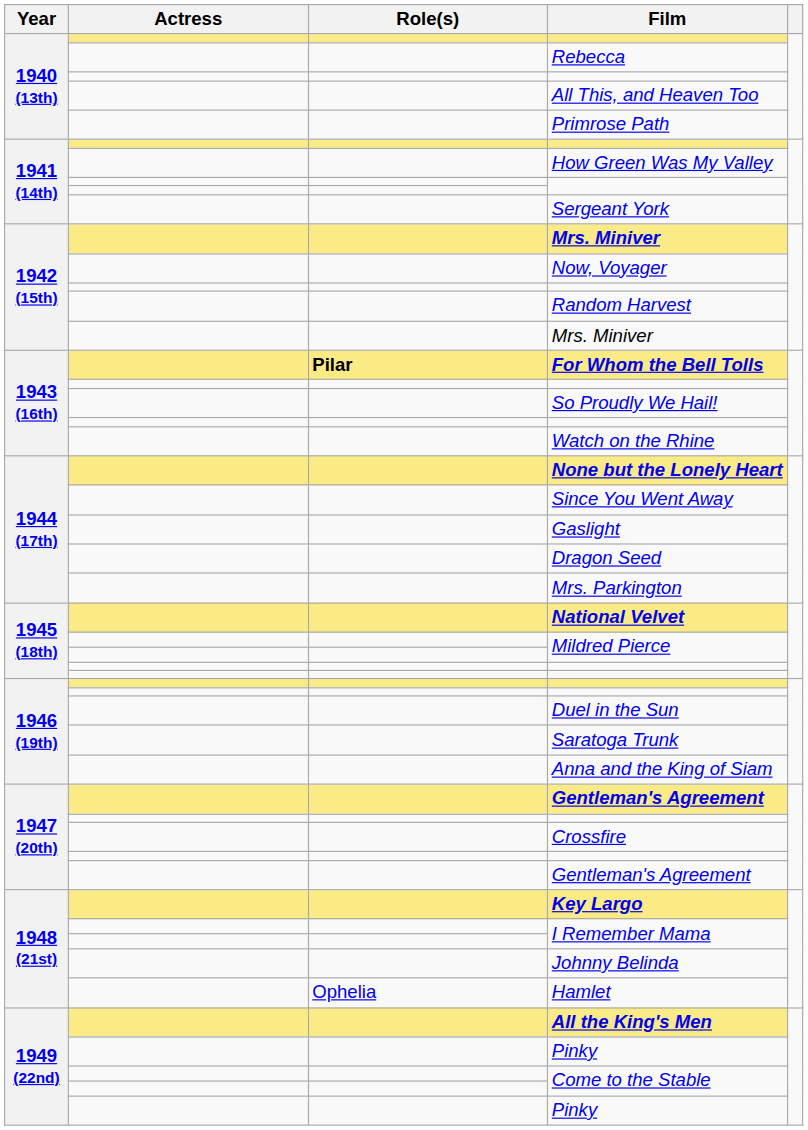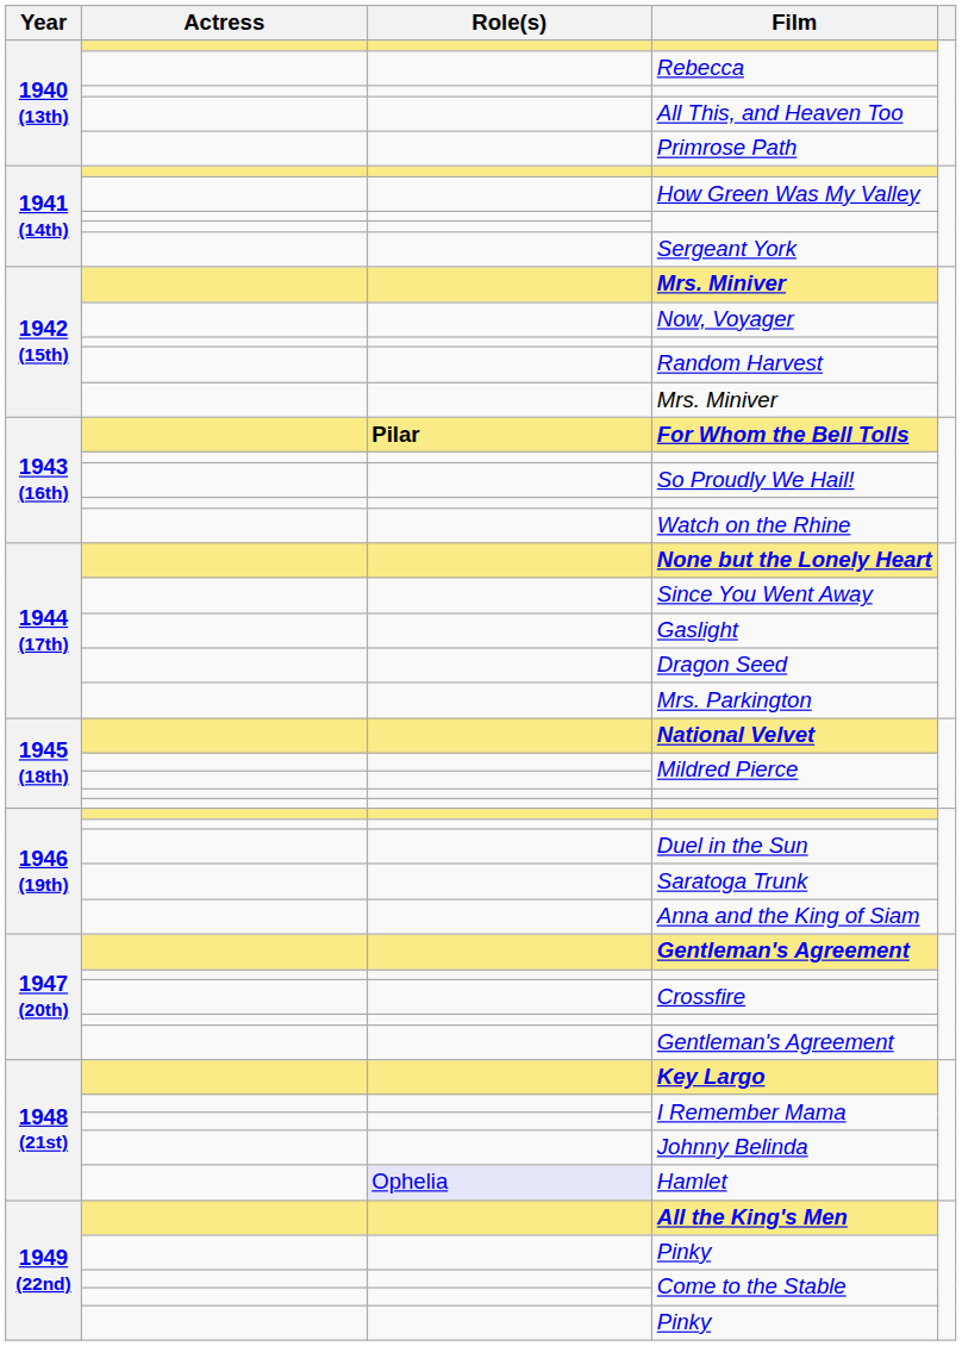 <table class="wikitable sortable" style="text-align:left;">
 <tr>
 <th scope="col" style="width:8%;">Year</th>
 <th scope="col" style="width:30%;">Actress</th>
 <th scope="col" style="width:30%;">Role(s)</th>
 <th scope="col" style="width:30%;">Film</th>
 <th scope="col" style="width:2%;" class="unsortable"></th>
 </tr>
 <tr>
 <th scope="row" rowspan=5 style="text-align:center"><a href='#'>1940</a> <br><small><a href='#'>(13th)</a> </small></th>
 <td style="background:#FAEB86;"><strong> </strong></td>
 <td style="background:#FAEB86;"><strong></strong></td>
 <td style="background:#FAEB86;"><strong></strong></td>
 <td rowspan=5></td>
 </tr>
 <tr>
 <td></td>
 <td></td>
 <td><em><a href='#'>Rebecca</a></em></td>
 </tr>
 <tr>
 <td></td>
 <td></td>
 <td></td>
 </tr>
 <tr>
 <td></td>
 <td></td>
 <td><em><a href='#'>All This, and Heaven Too</a></em></td>
 </tr>
 <tr>
 <td></td>
 <td></td>
 <td><em><a href='#'>Primrose Path</a></em></td>
 </tr>
 <tr>
 <th scope="row" rowspan=5 style="text-align:center"><a href='#'>1941</a> <br><small><a href='#'>(14th)</a> </small></th>
 <td style="background:#FAEB86;"><strong> </strong></td>
 <td style="background:#FAEB86;"><strong></strong></td>
 <td style="background:#FAEB86;"><strong></strong></td>
 <td rowspan=5></td>
 </tr>
 <tr>
 <td></td>
 <td></td>
 <td><em><a href='#'>How Green Was My Valley</a></em></td>
 </tr>
 <tr>
 <td></td>
 <td></td>
 <td rowspan="2"><em></em></td>
 </tr>
 <tr>
 <td></td>
 <td></td>
 </tr>
 <tr>
 <td></td>
 <td></td>
 <td><em><a href='#'>Sergeant York</a></em></td>
 </tr>
 <tr>
 <th scope="row" rowspan=5 style="text-align:center"><a href='#'>1942</a> <br><small><a href='#'>(15th)</a> </small></th>
 <td style="background:#FAEB86;"><strong> </strong></td>
 <td style="background:#FAEB86;"><strong></strong></td>
 <td style="background:#FAEB86;"><strong><em><a href='#'>Mrs. Miniver</a></em></strong></td>
 <td rowspan=5></td>
 </tr>
 <tr>
 <td></td>
 <td></td>
 <td><em><a href='#'>Now, Voyager</a></em></td>
 </tr>
 <tr>
 <td></td>
 <td></td>
 <td></td>
 </tr>
 <tr>
 <td></td>
 <td></td>
 <td><em><a href='#'>Random Harvest</a></em></td>
 </tr>
 <tr>
 <td></td>
 <td></td>
 <td><em>Mrs. Miniver</em></td>
 </tr>
 <tr>
 <th scope="row" rowspan=5 style="text-align:center"><a href='#'>1943</a> <br><small><a href='#'>(16th)</a> </small></th>
 <td style="background:#FAEB86;"><strong> </strong></td>
 <td style="background:#FAEB86;"><strong>Pilar</strong></td>
 <td style="background:#FAEB86;"><strong><em><a href='#'>For Whom the Bell Tolls</a></em></strong></td>
 <td rowspan=5></td>
 </tr>
 <tr>
 <td></td>
 <td></td>
 <td></td>
 </tr>
 <tr>
 <td></td>
 <td></td>
 <td><em><a href='#'>So Proudly We Hail!</a></em></td>
 </tr>
 <tr>
 <td></td>
 <td></td>
 <td></td>
 </tr>
 <tr>
 <td></td>
 <td></td>
 <td><em><a href='#'>Watch on the Rhine</a></em></td>
 </tr>
 <tr>
 <th scope="row" rowspan=5 style="text-align:center"><a href='#'>1944</a> <br><small><a href='#'>(17th)</a> </small></th>
 <td style="background:#FAEB86;"><strong> </strong></td>
 <td style="background:#FAEB86;"><strong></strong></td>
 <td style="background:#FAEB86;"><strong><em><a href='#'>None but the Lonely Heart</a></em></strong></td>
 <td rowspan=5></td>
 </tr>
 <tr>
 <td></td>
 <td></td>
 <td><em><a href='#'>Since You Went Away</a></em></td>
 </tr>
 <tr>
 <td></td>
 <td></td>
 <td><em><a href='#'>Gaslight</a></em></td>
 </tr>
 <tr>
 <td></td>
 <td></td>
 <td><em><a href='#'>Dragon Seed</a></em></td>
 </tr>
 <tr>
 <td></td>
 <td></td>
 <td><em><a href='#'>Mrs. Parkington</a></em></td>
 </tr>
 <tr>
 <th scope="row" rowspan=5 style="text-align:center"><a href='#'>1945</a> <br><small><a href='#'>(18th)</a> </small></th>
 <td style="background:#FAEB86;"><strong> </strong></td>
 <td style="background:#FAEB86;"><strong></strong></td>
 <td style="background:#FAEB86;"><strong><em><a href='#'>National Velvet</a></em></strong></td>
 <td rowspan=5></td>
 </tr>
 <tr>
 <td></td>
 <td></td>
 <td rowspan=2><em><a href='#'>Mildred Pierce</a></em></td>
 </tr>
 <tr>
 <td></td>
 <td></td>
 </tr>
 <tr>
 <td></td>
 <td></td>
 <td></td>
 </tr>
 <tr>
 <td></td>
 <td></td>
 <td></td>
 </tr>
 <tr>
 <th scope="row" rowspan=5 style="text-align:center"><a href='#'>1946</a> <br><small><a href='#'>(19th)</a> </small></th>
 <td style="background:#FAEB86;"><strong> </strong></td>
 <td style="background:#FAEB86;"><strong></strong></td>
 <td style="background:#FAEB86;"><strong><em></em></strong></td>
 <td rowspan=5></td>
 </tr>
 <tr>
 <td></td>
 <td></td>
 <td></td>
 </tr>
 <tr>
 <td></td>
 <td></td>
 <td><em><a href='#'>Duel in the Sun</a></em></td>
 </tr>
 <tr>
 <td></td>
 <td></td>
 <td><em><a href='#'>Saratoga Trunk</a></em></td>
 </tr>
 <tr>
 <td></td>
 <td></td>
 <td><em><a href='#'>Anna and the King of Siam</a></em></td>
 </tr>
 <tr>
 <th scope="row" rowspan=5 style="text-align:center"><a href='#'>1947</a> <br><small><a href='#'>(20th)</a> </small></th>
 <td style="background:#FAEB86;"><strong> </strong></td>
 <td style="background:#FAEB86;"><strong></strong></td>
 <td style="background:#FAEB86;"><strong><em><a href='#'>Gentleman's Agreement</a></em></strong></td>
 <td rowspan=5></td>
 </tr>
 <tr>
 <td></td>
 <td></td>
 <td></td>
 </tr>
 <tr>
 <td></td>
 <td></td>
 <td><em><a href='#'>Crossfire</a></em></td>
 </tr>
 <tr>
 <td></td>
 <td></td>
 <td></td>
 </tr>
 <tr>
 <td></td>
 <td></td>
 <td><em><a href='#'>Gentleman's Agreement</a></em></td>
 </tr>
 <tr>
 <th scope="row" rowspan=5 style="text-align:center"><a href='#'>1948</a> <br><small><a href='#'>(21st)</a> </small></th>
 <td style="background:#FAEB86;"><strong> </strong></td>
 <td style="background:#FAEB86;"><strong></strong></td>
 <td style="background:#FAEB86;"><strong><em><a href='#'>Key Largo</a></em></strong></td>
 <td rowspan=5></td>
 </tr>
 <tr>
 <td></td>
 <td></td>
 <td rowspan=2><em><a href='#'>I Remember Mama</a></em></td>
 </tr>
 <tr>
 <td></td>
 <td></td>
 </tr>
 <tr>
 <td></td>
 <td></td>
 <td><em><a href='#'>Johnny Belinda</a></em></td>
 </tr>
 <tr>
 <td></td>
-<td><a href='#'>Ophelia</a></td>
+<td style="background: lavender;"><a href='#'>Ophelia</a></td>
 <td><em><a href='#'>Hamlet</a></em></td>
 </tr>
 <tr>
 <th scope="row" rowspan=5 style="text-align:center"><a href='#'>1949</a> <br><small><a href='#'>(22nd)</a> </small></th>
 <td style="background:#FAEB86;"><strong> </strong></td>
 <td style="background:#FAEB86;"><strong></strong></td>
 <td style="background:#FAEB86;"><strong><em><a href='#'>All the King's Men</a></em></strong></td>
 <td rowspan=5></td>
 </tr>
 <tr>
 <td></td>
 <td></td>
 <td><em><a href='#'>Pinky</a></em></td>
 </tr>
 <tr>
 <td></td>
 <td></td>
 <td rowspan="2"><em><a href='#'>Come to the Stable</a></em></td>
 </tr>
 <tr>
 <td></td>
 <td></td>
 </tr>
 <tr>
 <td></td>
 <td></td>
 <td><em><a href='#'>Pinky</a></em></td>
 </tr>
 </table>
